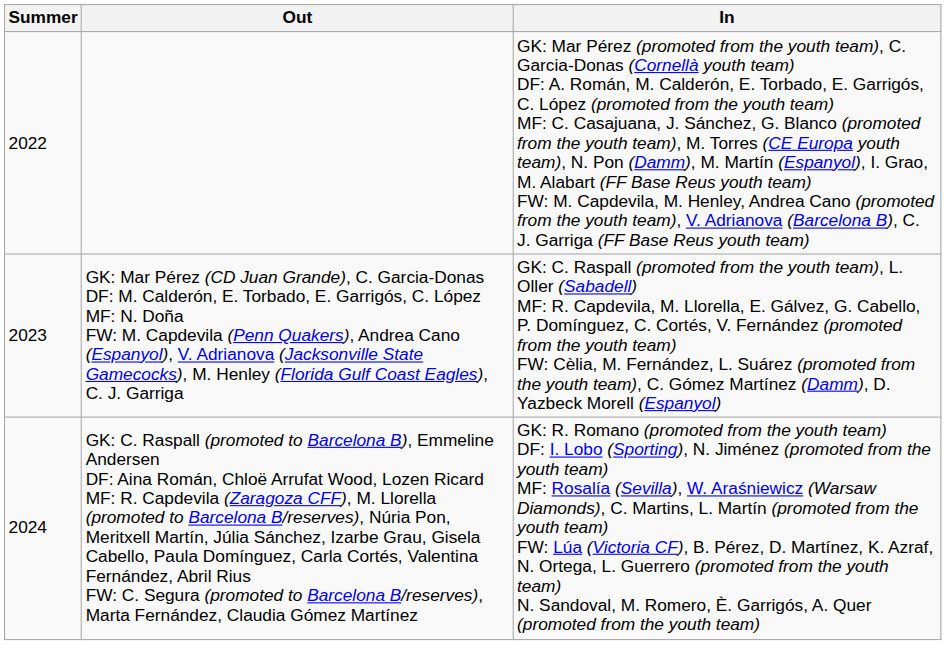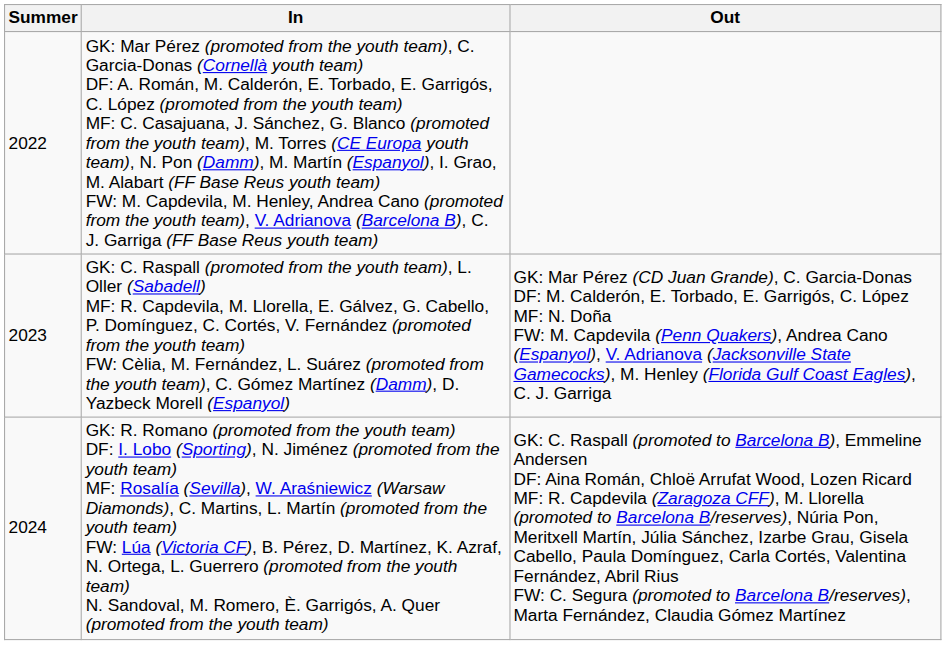 <table class="wikitable">
 <tr>
 <th>Summer</th>
+<th width="600px">In</th>
 <th width="600px">Out</th>
-<th width="600px">In</th>
 </tr>
 <tr>
 <td>2022</td>
+<td>GK: Mar Pérez <em>(promoted from the youth team)</em>, C. Garcia-Donas <em>(<a href='#'>Cornellà</a> youth team)</em><br>DF: A. Román, M. Calderón, E. Torbado, E. Garrigós, C. López <em>(promoted from the youth team)</em><br>MF: C. Casajuana, J. Sánchez, G. Blanco <em>(promoted from the youth team)</em>, M. Torres <em>(<a href='#'>CE Europa</a> youth team)</em>, N. Pon <em>(<a href='#'>Damm</a>)</em>, M. Martín <em>(<a href='#'>Espanyol</a>)</em>, I. Grao, M. Alabart <em>(FF Base Reus youth team)</em><br>FW: M. Capdevila, M. Henley, Andrea Cano <em>(promoted from the youth team)</em>, <a href='#'>V. Adrianova</a> <em>(<a href='#'>Barcelona B</a>)</em>, C. J. Garriga <em>(FF Base Reus youth team)</em></td>
 <td></td>
-<td>GK: Mar Pérez <em>(promoted from the youth team)</em>, C. Garcia-Donas <em>(<a href='#'>Cornellà</a> youth team)</em><br>DF: A. Román, M. Calderón, E. Torbado, E. Garrigós, C. López <em>(promoted from the youth team)</em><br>MF: C. Casajuana, J. Sánchez, G. Blanco <em>(promoted from the youth team)</em>, M. Torres <em>(<a href='#'>CE Europa</a> youth team)</em>, N. Pon <em>(<a href='#'>Damm</a>)</em>, M. Martín <em>(<a href='#'>Espanyol</a>)</em>, I. Grao, M. Alabart <em>(FF Base Reus youth team)</em><br>FW: M. Capdevila, M. Henley, Andrea Cano <em>(promoted from the youth team)</em>, <a href='#'>V. Adrianova</a> <em>(<a href='#'>Barcelona B</a>)</em>, C. J. Garriga <em>(FF Base Reus youth team)</em></td>
 </tr>
 <tr>
 <td>2023</td>
+<td>GK: C. Raspall <em>(promoted from the youth team)</em>, L. Oller <em>(<a href='#'>Sabadell</a>)</em><br>MF: R. Capdevila, M. Llorella, E. Gálvez, G. Cabello, P. Domínguez, C. Cortés, V. Fernández <em>(promoted from the youth team)</em><br>FW: Cèlia, M. Fernández, L. Suárez <em>(promoted from the youth team)</em>, C. Gómez Martínez <em>(<a href='#'>Damm</a>)</em>, D. Yazbeck Morell <em>(<a href='#'>Espanyol</a>)</em></td>
 <td>GK: Mar Pérez <em>(CD Juan Grande)</em>, C. Garcia-Donas<br>DF: M. Calderón, E. Torbado, E. Garrigós, C. López<br>MF: N. Doña<br>FW: M. Capdevila <em>(<a href='#'>Penn Quakers</a>)</em>, Andrea Cano <em>(<a href='#'>Espanyol</a>)</em>, <a href='#'>V. Adrianova</a> <em>(<a href='#'>Jacksonville State Gamecocks</a>)</em>, M. Henley <em>(<a href='#'>Florida Gulf Coast Eagles</a>)</em>, C. J. Garriga</td>
-<td>GK: C. Raspall <em>(promoted from the youth team)</em>, L. Oller <em>(<a href='#'>Sabadell</a>)</em><br>MF: R. Capdevila, M. Llorella, E. Gálvez, G. Cabello, P. Domínguez, C. Cortés, V. Fernández <em>(promoted from the youth team)</em><br>FW: Cèlia, M. Fernández, L. Suárez <em>(promoted from the youth team)</em>, C. Gómez Martínez <em>(<a href='#'>Damm</a>)</em>, D. Yazbeck Morell <em>(<a href='#'>Espanyol</a>)</em></td>
 </tr>
 <tr>
 <td>2024</td>
+<td>GK: R. Romano <em>(promoted from the youth team)</em><br>DF: <a href='#'>I. Lobo</a> <em>(<a href='#'>Sporting</a>)</em>, N. Jiménez <em>(promoted from the youth team)</em><br>MF: <a href='#'>Rosalía</a> <em>(<a href='#'>Sevilla</a>)</em>, <a href='#'>W. Araśniewicz</a> <em>(Warsaw Diamonds)</em>, C. Martins, L. Martín <em>(promoted from the youth team)</em><br>FW: <a href='#'>Lúa</a> <em>(<a href='#'>Victoria CF</a>)</em>, B. Pérez, D. Martínez, K. Azraf, N. Ortega, L. Guerrero <em>(promoted from the youth team)</em><br>N. Sandoval, M. Romero, È. Garrigós, A. Quer <em>(promoted from the youth team)</em></td>
 <td>GK: C. Raspall <em>(promoted to <a href='#'>Barcelona B</a>)</em>, Emmeline Andersen<br>DF: Aina Román, Chloë Arrufat Wood, Lozen Ricard<br>MF: R. Capdevila <em>(<a href='#'>Zaragoza CFF</a>)</em>, M. Llorella <em>(promoted to <a href='#'>Barcelona B</a>/reserves)</em>, Núria Pon, Meritxell Martín, Júlia Sánchez, Izarbe Grau, Gisela Cabello, Paula Domínguez, Carla Cortés, Valentina Fernández, Abril Rius<br>FW: C. Segura <em>(promoted to <a href='#'>Barcelona B</a>/reserves)</em>, Marta Fernández, Claudia Gómez Martínez</td>
-<td>GK: R. Romano <em>(promoted from the youth team)</em><br>DF: <a href='#'>I. Lobo</a> <em>(<a href='#'>Sporting</a>)</em>, N. Jiménez <em>(promoted from the youth team)</em><br>MF: <a href='#'>Rosalía</a> <em>(<a href='#'>Sevilla</a>)</em>, <a href='#'>W. Araśniewicz</a> <em>(Warsaw Diamonds)</em>, C. Martins, L. Martín <em>(promoted from the youth team)</em><br>FW: <a href='#'>Lúa</a> <em>(<a href='#'>Victoria CF</a>)</em>, B. Pérez, D. Martínez, K. Azraf, N. Ortega, L. Guerrero <em>(promoted from the youth team)</em><br>N. Sandoval, M. Romero, È. Garrigós, A. Quer <em>(promoted from the youth team)</em></td>
 </tr>
 </table>
